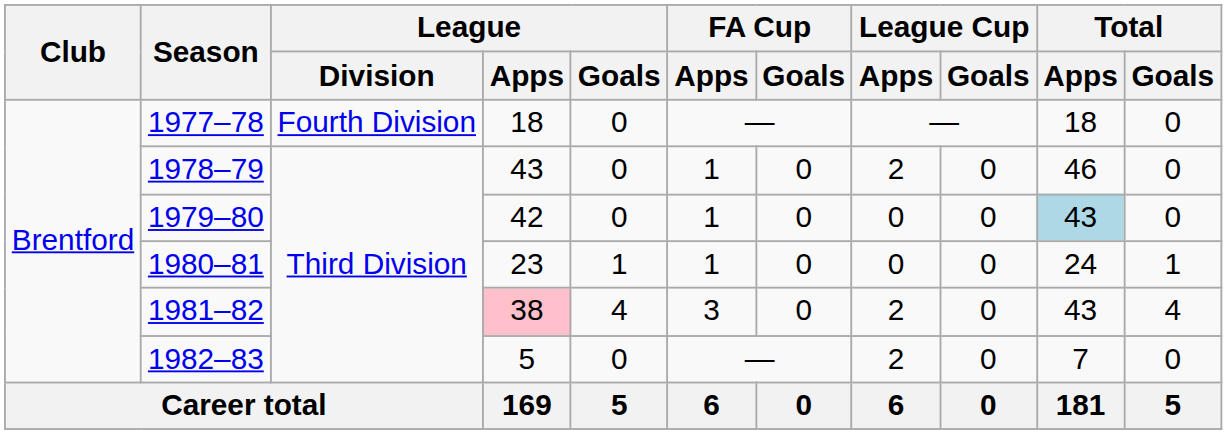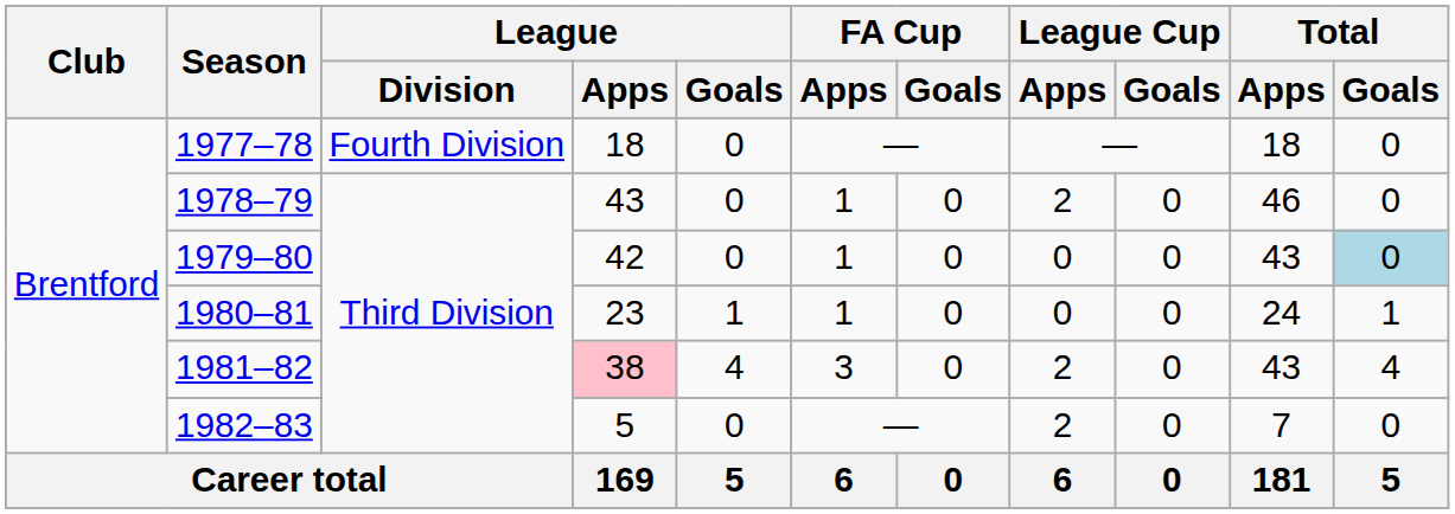 <table class="wikitable" style="text-align: center;">
 <tr>
 <th rowspan="2">Club</th>
 <th rowspan="2">Season</th>
 <th colspan="3">League</th>
 <th colspan="2">FA Cup</th>
 <th colspan="2">League Cup</th>
 <th colspan="2">Total</th>
 </tr>
 <tr>
 <th>Division</th>
 <th>Apps</th>
 <th>Goals</th>
 <th>Apps</th>
 <th>Goals</th>
 <th>Apps</th>
 <th>Goals</th>
 <th>Apps</th>
 <th>Goals</th>
 </tr>
 <tr>
 <td rowspan="6"><a href='#'>Brentford</a></td>
 <td><a href='#'>1977–78</a></td>
 <td><a href='#'>Fourth Division</a></td>
 <td>18</td>
 <td>0</td>
 <td colspan="2">—</td>
 <td colspan="2">—</td>
 <td>18</td>
 <td>0</td>
 </tr>
 <tr>
 <td><a href='#'>1978–79</a></td>
 <td rowspan="5"><a href='#'>Third Division</a></td>
 <td>43</td>
 <td>0</td>
 <td>1</td>
 <td>0</td>
 <td>2</td>
 <td>0</td>
 <td>46</td>
 <td>0</td>
 </tr>
 <tr>
 <td><a href='#'>1979–80</a></td>
 <td>42</td>
 <td>0</td>
 <td>1</td>
 <td>0</td>
 <td>0</td>
 <td>0</td>
-<td style="background: lightblue;">43</td>
-<td>0</td>
+<td>43</td>
+<td style="background: lightblue;">0</td>
 </tr>
 <tr>
 <td><a href='#'>1980–81</a></td>
 <td>23</td>
 <td>1</td>
 <td>1</td>
 <td>0</td>
 <td>0</td>
 <td>0</td>
 <td>24</td>
 <td>1</td>
 </tr>
 <tr>
 <td><a href='#'>1981–82</a></td>
 <td style="background: pink;">38</td>
 <td>4</td>
 <td>3</td>
 <td>0</td>
 <td>2</td>
 <td>0</td>
 <td>43</td>
 <td>4</td>
 </tr>
 <tr>
 <td><a href='#'>1982–83</a></td>
 <td>5</td>
 <td>0</td>
 <td colspan="2">—</td>
 <td>2</td>
 <td>0</td>
 <td>7</td>
 <td>0</td>
 </tr>
 <tr>
 <th colspan="3">Career total</th>
 <th>169</th>
 <th>5</th>
 <th>6</th>
 <th>0</th>
 <th>6</th>
 <th>0</th>
 <th>181</th>
 <th>5</th>
 </tr>
 </table>
